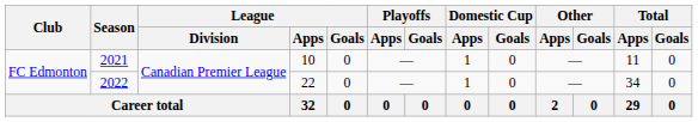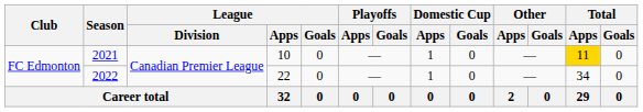 <table class="wikitable" style="text-align:center">
 <tr>
 <th rowspan="2">Club</th>
 <th rowspan="2">Season</th>
 <th colspan="3">League</th>
 <th colspan="2">Playoffs</th>
 <th colspan="2">Domestic Cup</th>
 <th colspan="2">Other</th>
 <th colspan="2">Total</th>
 </tr>
 <tr>
 <th>Division</th>
 <th>Apps</th>
 <th>Goals</th>
 <th>Apps</th>
 <th>Goals</th>
 <th>Apps</th>
 <th>Goals</th>
 <th>Apps</th>
 <th>Goals</th>
 <th>Apps</th>
 <th>Goals</th>
 </tr>
 <tr>
 <td rowspan="2"><a href='#'>FC Edmonton</a></td>
 <td><a href='#'>2021</a></td>
 <td rowspan="2"><a href='#'>Canadian Premier League</a></td>
 <td>10</td>
 <td>0</td>
 <td colspan="2">—</td>
 <td>1</td>
 <td>0</td>
 <td colspan="2">—</td>
-<td>11</td>
+<td style="background: gold;">11</td>
 <td>0</td>
 </tr>
 <tr>
 <td><a href='#'>2022</a></td>
 <td>22</td>
 <td>0</td>
 <td colspan="2">—</td>
 <td>1</td>
 <td>0</td>
 <td colspan="2">—</td>
 <td>34</td>
 <td>0</td>
 </tr>
 <tr>
 <th colspan="3">Career total</th>
 <th>32</th>
 <th>0</th>
 <th>0</th>
 <th>0</th>
 <th>0</th>
 <th>0</th>
 <th>2</th>
 <th>0</th>
 <th>29</th>
 <th>0</th>
 </tr>
 </table>
